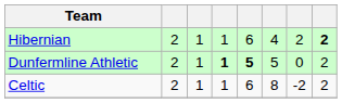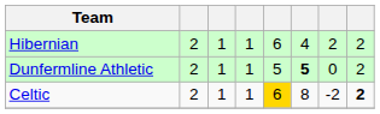 <table class="wikitable" style="text-align:center;">
 <tr>
 <th width=165>Team</th>
 <th width=20></th>
 <th width=20></th>
 <th width=20></th>
 <th width=20></th>
 <th width=20></th>
 <th width=20></th>
 <th width=20></th>
 </tr>
 <tr style="background:#cfc;">
 <td align="left"><a href='#'>Hibernian</a></td>
 <td>2</td>
 <td>1</td>
 <td>1</td>
 <td>6</td>
 <td>4</td>
 <td>2</td>
-<td><strong>2</strong></td>
+<td>2</td>
 </tr>
 <tr style="background:#cfc;">
 <td align="left"><a href='#'>Dunfermline Athletic</a></td>
 <td>2</td>
 <td>1</td>
-<td><strong>1</strong></td>
+<td>1</td>
+<td>5</td>
 <td><strong>5</strong></td>
-<td>5</td>
 <td>0</td>
 <td>2</td>
 </tr>
 <tr>
 <td align="left"><a href='#'>Celtic</a></td>
 <td>2</td>
 <td>1</td>
 <td>1</td>
-<td>6</td>
+<td style="background: gold;">6</td>
 <td>8</td>
 <td>-2</td>
-<td>2</td>
+<td><strong>2</strong></td>
 </tr>
 <tr>
 </tr>
 </table>
